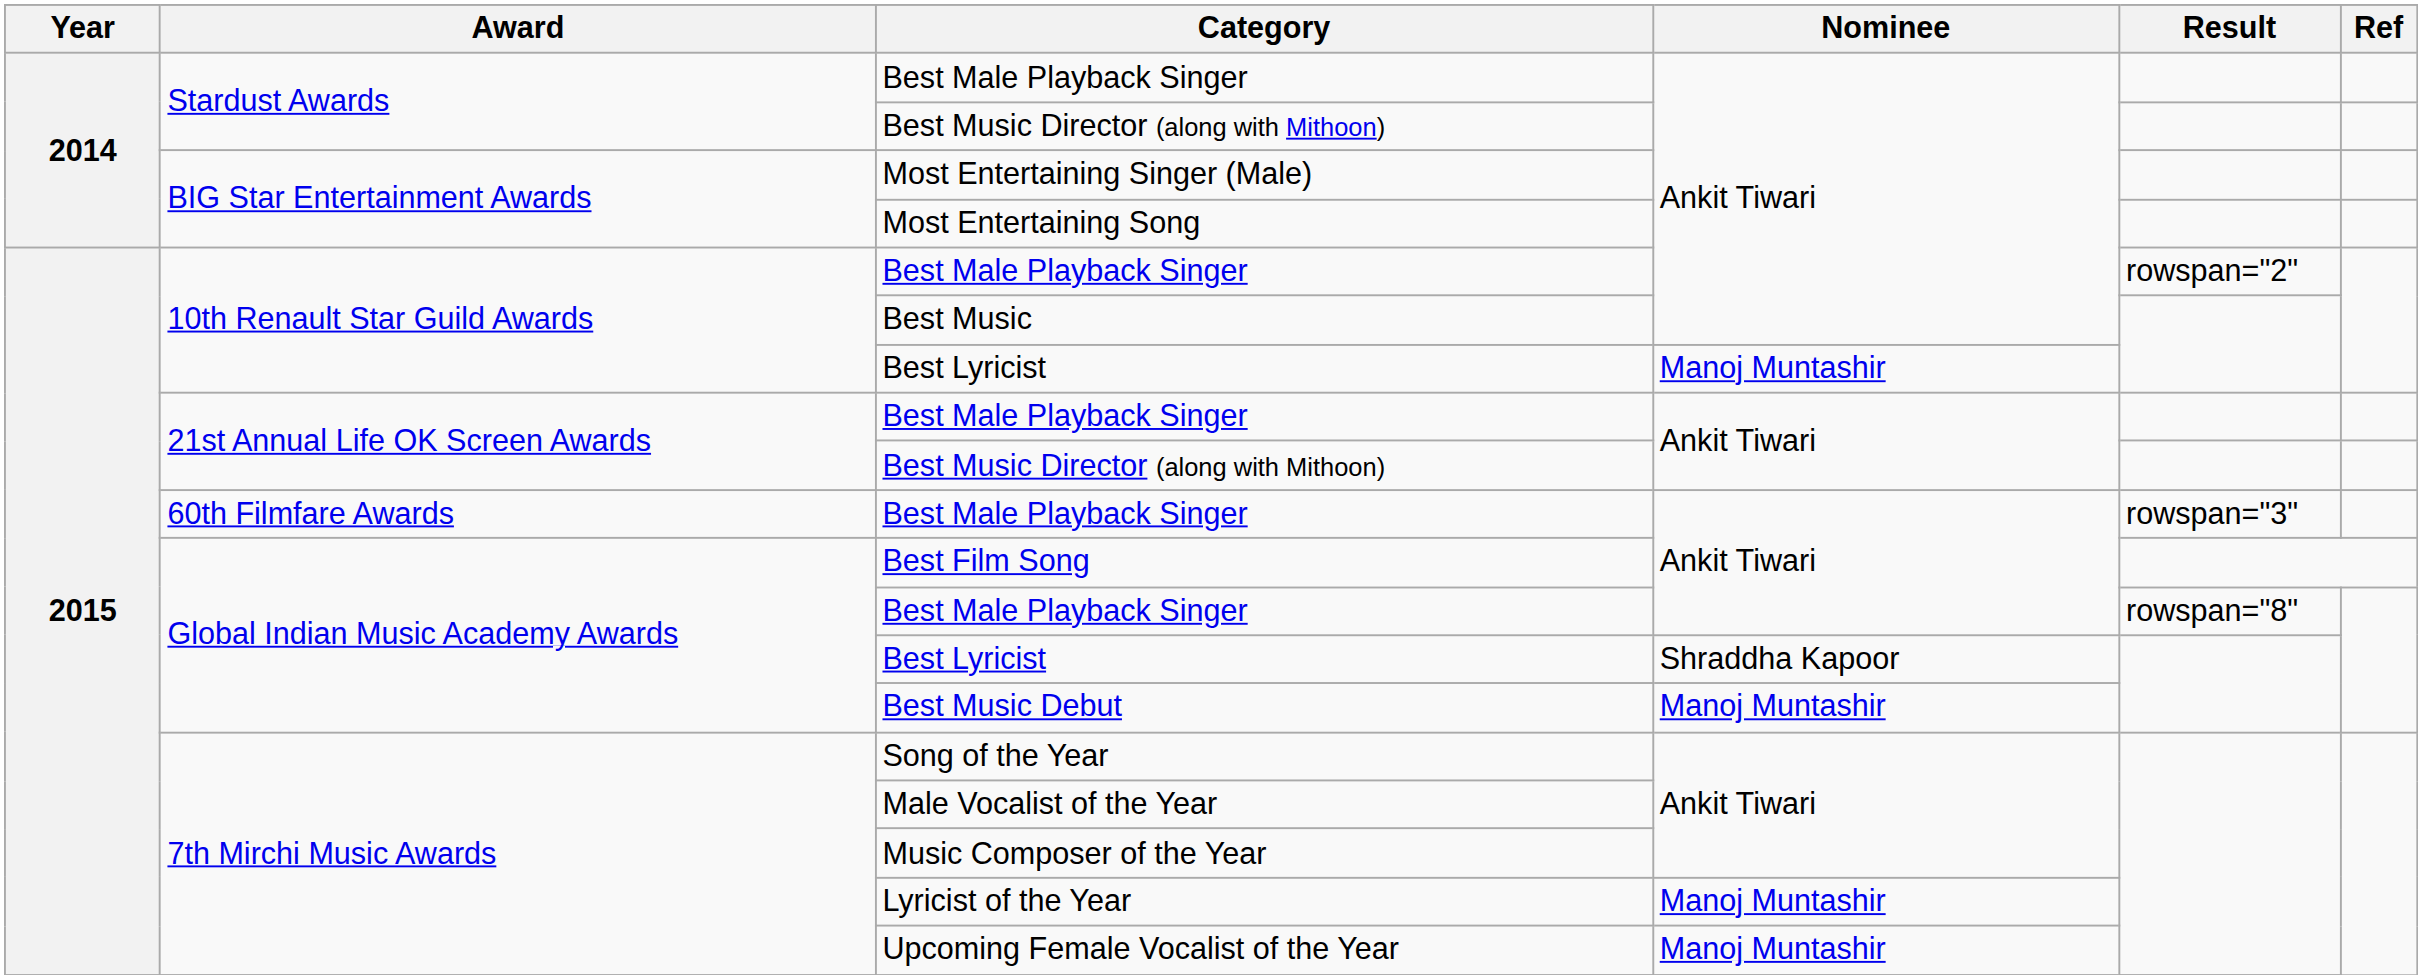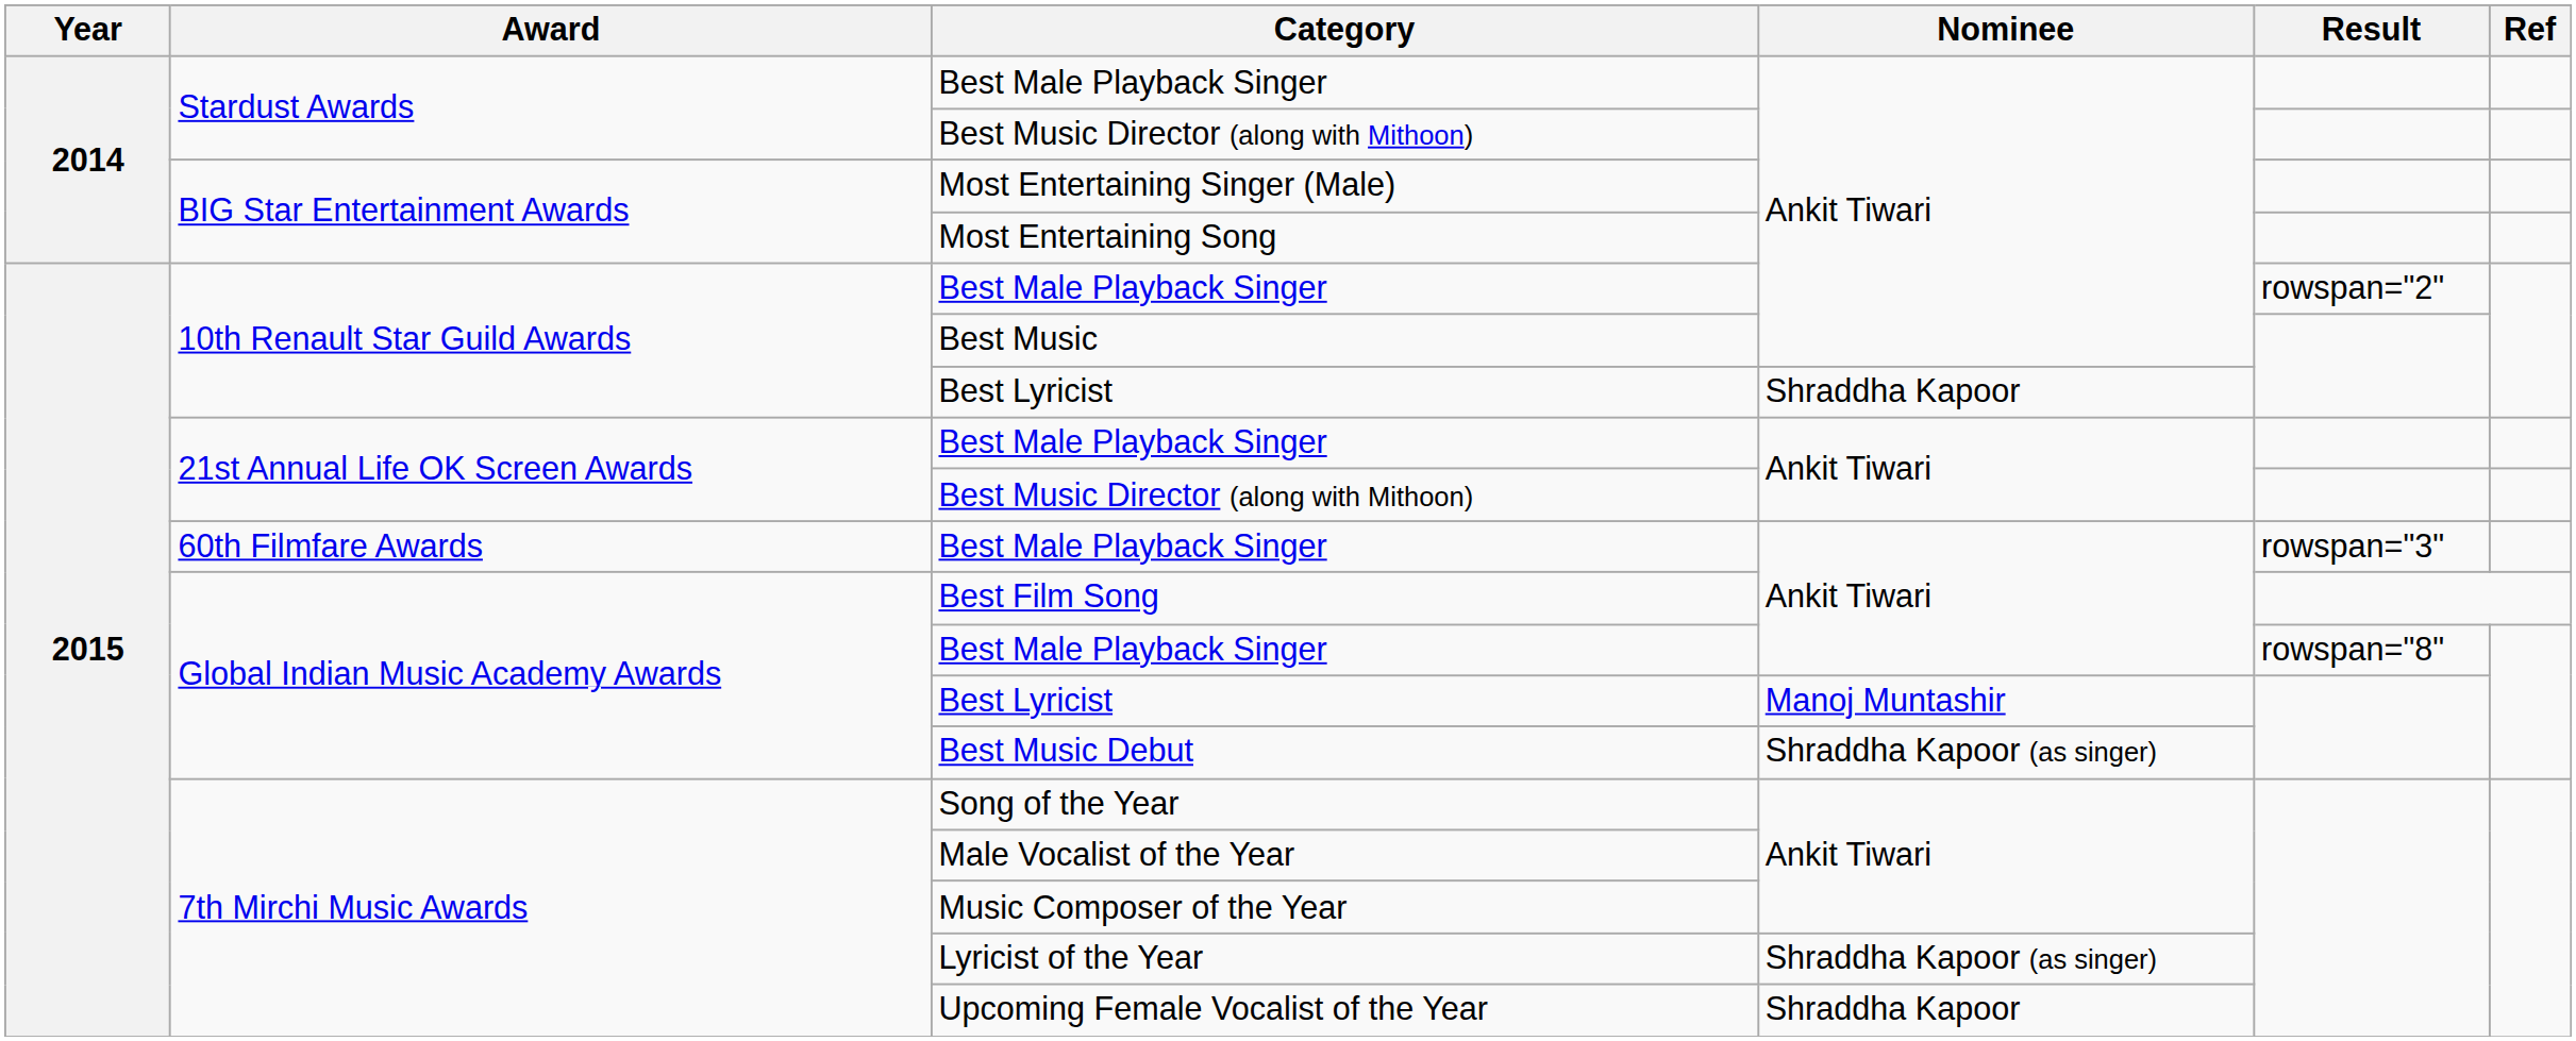 <table class="wikitable plainrowheaders" width="100%" textcolor:#000;">
 <tr>
 <th width=5%>Year</th>
 <th width=23%>Award</th>
 <th width=25%>Category</th>
 <th width=15%>Nominee</th>
 <th width=5%>Result</th>
 <th width=2%>Ref</th>
 </tr>
 <tr>
 <th scope="row" rowspan="4">2014</th>
 <td rowspan="2"><a href='#'>Stardust Awards</a></td>
 <td>Best Male Playback Singer</td>
 <td rowspan="6">Ankit Tiwari</td>
 <td></td>
 <td></td>
 </tr>
 <tr>
 <td>Best Music Director <small>(along with <a href='#'>Mithoon</a>)</small></td>
 <td></td>
 <td></td>
 </tr>
 <tr>
 <td rowspan="2"><a href='#'>BIG Star Entertainment Awards</a></td>
 <td>Most Entertaining Singer (Male)</td>
 <td></td>
 <td></td>
 </tr>
 <tr>
 <td>Most Entertaining Song</td>
 <td></td>
 <td></td>
 </tr>
 <tr>
 <th scope="row" rowspan="15">2015</th>
 <td rowspan="3"><a href='#'>10th Renault Star Guild Awards</a></td>
 <td><a href='#'>Best Male Playback Singer</a></td>
 <td>rowspan="2" </td>
 <td rowspan="3"><br></td>
 </tr>
 <tr>
 <td>Best Music</td>
 </tr>
 <tr>
 <td>Best Lyricist</td>
-<td><a href='#'>Manoj Muntashir</a></td>
+<td>Shraddha Kapoor</td>
 </tr>
 <tr>
 <td rowspan="2"><a href='#'>21st Annual Life OK Screen Awards</a></td>
 <td><a href='#'>Best Male Playback Singer</a></td>
 <td rowspan="2">Ankit Tiwari</td>
 <td></td>
 <td></td>
 </tr>
 <tr>
 <td><a href='#'>Best Music Director</a> <small>(along with Mithoon)</small></td>
 <td></td>
 <td></td>
 </tr>
 <tr>
 <td><a href='#'>60th Filmfare Awards</a></td>
 <td><a href='#'>Best Male Playback Singer</a></td>
 <td rowspan="3">Ankit Tiwari</td>
 <td>rowspan="3" </td>
 <td></td>
 </tr>
 <tr>
 <td rowspan="4"><a href='#'>Global Indian Music Academy Awards</a></td>
 <td><a href='#'>Best Film Song</a></td>
 </tr>
 <tr>
 <td><a href='#'>Best Male Playback Singer</a></td>
 <td>rowspan="8" </td>
 <td rowspan="3"></td>
 </tr>
 <tr>
 <td><a href='#'>Best Lyricist</a></td>
-<td>Shraddha Kapoor</td>
+<td><a href='#'>Manoj Muntashir</a></td>
 </tr>
 <tr>
 <td><a href='#'>Best Music Debut</a></td>
-<td><a href='#'>Manoj Muntashir</a></td>
+<td>Shraddha Kapoor <small>(as singer)</small></td>
 </tr>
 <tr>
 <td rowspan="5"><a href='#'>7th Mirchi Music Awards</a></td>
 <td>Song of the Year</td>
 <td rowspan="3">Ankit Tiwari</td>
 <td rowspan="5"></td>
 </tr>
 <tr>
 <td>Male Vocalist of the Year</td>
 </tr>
 <tr>
 <td>Music Composer of the Year</td>
 </tr>
 <tr>
 <td>Lyricist of the Year</td>
-<td><a href='#'>Manoj Muntashir</a></td>
+<td>Shraddha Kapoor <small>(as singer)</small></td>
 </tr>
 <tr>
 <td>Upcoming Female Vocalist of the Year</td>
-<td><a href='#'>Manoj Muntashir</a></td>
+<td>Shraddha Kapoor</td>
 </tr>
 <tr>
 </tr>
 </table>
